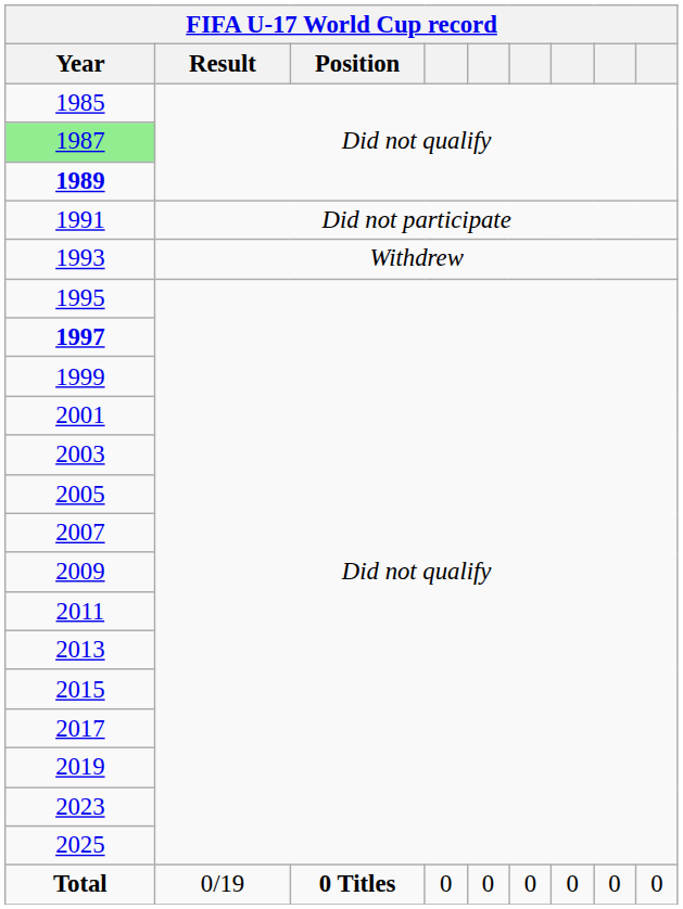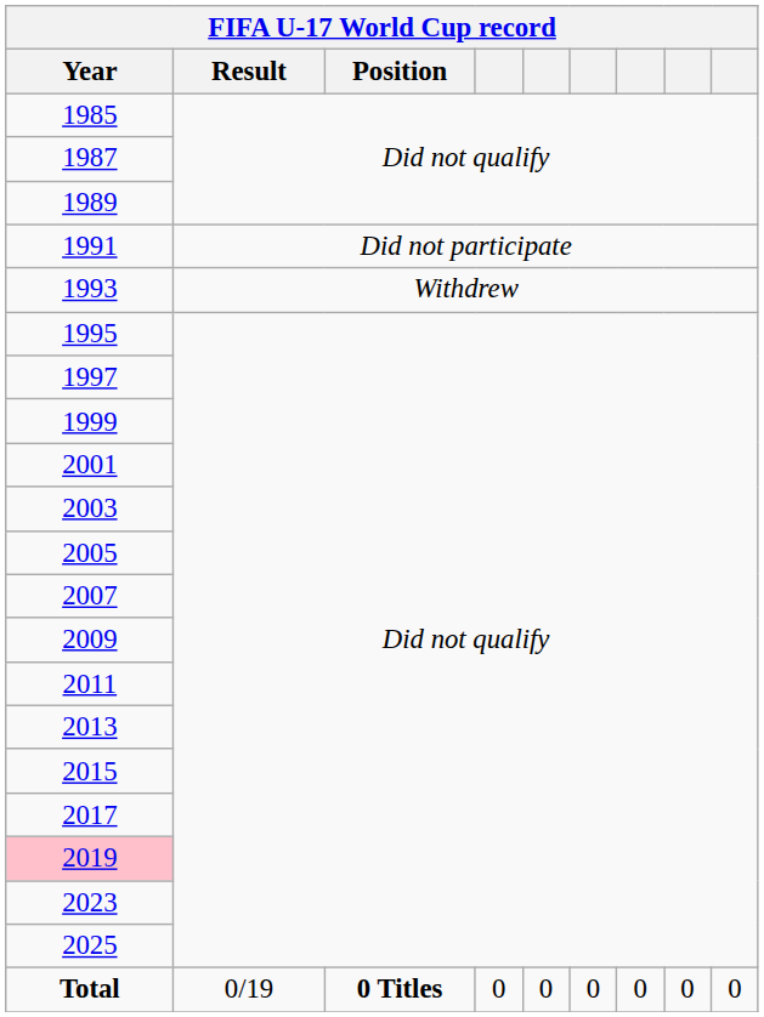 <table class="wikitable" style="text-align: center;">
 <tr>
 <th colspan="9"><a href='#'>FIFA U-17 World Cup record</a></th>
 </tr>
 <tr>
 <th width="90">Year</th>
 <th width="80">Result</th>
 <th width="80">Position</th>
 <th width="20"></th>
 <th width="20"></th>
 <th width="20"></th>
 <th width="20"></th>
 <th width="20"></th>
 <th width="20"></th>
 </tr>
 <tr>
 <td> <a href='#'>1985</a></td>
 <td rowspan=3 colspan=8><em>Did not qualify</em></td>
 </tr>
 <tr>
-<td style="background: lightgreen;"> <a href='#'>1987</a></td>
+<td> <a href='#'>1987</a></td>
 </tr>
 <tr>
-<td><strong> <a href='#'>1989</a></strong></td>
+<td> <a href='#'>1989</a></td>
 </tr>
 <tr>
 <td> <a href='#'>1991</a></td>
 <td colspan=8><em>Did not participate</em></td>
 </tr>
 <tr>
 <td> <a href='#'>1993</a></td>
 <td colspan=8><em>Withdrew</em></td>
 </tr>
 <tr>
 <td> <a href='#'>1995</a></td>
 <td rowspan=15 colspan=8><em>Did not qualify</em></td>
 </tr>
 <tr>
-<td><strong> <a href='#'>1997</a></strong></td>
+<td> <a href='#'>1997</a></td>
 </tr>
 <tr>
 <td> <a href='#'>1999</a></td>
 </tr>
 <tr>
 <td> <a href='#'>2001</a></td>
 </tr>
 <tr>
 <td> <a href='#'>2003</a></td>
 </tr>
 <tr>
 <td> <a href='#'>2005</a></td>
 </tr>
 <tr>
 <td> <a href='#'>2007</a></td>
 </tr>
 <tr>
 <td> <a href='#'>2009</a></td>
 </tr>
 <tr>
 <td> <a href='#'>2011</a></td>
 </tr>
 <tr>
 <td> <a href='#'>2013</a></td>
 </tr>
 <tr>
 <td> <a href='#'>2015</a></td>
 </tr>
 <tr>
 <td> <a href='#'>2017</a></td>
 </tr>
 <tr>
-<td> <a href='#'>2019</a></td>
+<td style="background: pink;"> <a href='#'>2019</a></td>
 </tr>
 <tr>
 <td> <a href='#'>2023</a></td>
 </tr>
 <tr>
 <td> <a href='#'>2025</a></td>
 </tr>
 <tr>
 <td><strong>Total</strong></td>
 <td>0/19</td>
 <td><strong>0 Titles</strong></td>
 <td>0</td>
 <td>0</td>
 <td>0</td>
 <td>0</td>
 <td>0</td>
 <td>0</td>
 </tr>
 </table>
